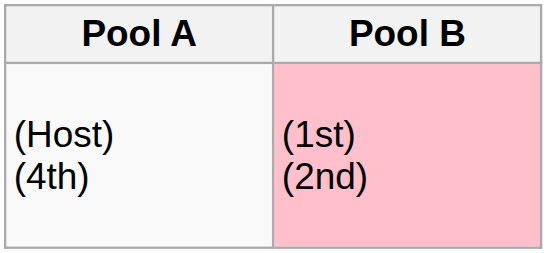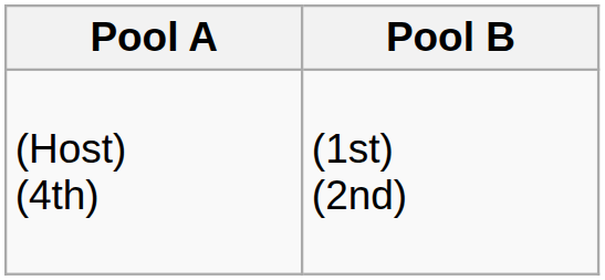 <table class="wikitable">
 <tr>
 <th width=25%>Pool A</th>
 <th width=25%>Pool B</th>
 </tr>
 <tr>
 <td><br> (Host)<br>  (4th)<br> <br> </td>
-<td style="background: pink;"><br> (1st)<br>  (2nd)<br> <br> </td>
+<td><br> (1st)<br>  (2nd)<br> <br> </td>
 </tr>
 </table>
